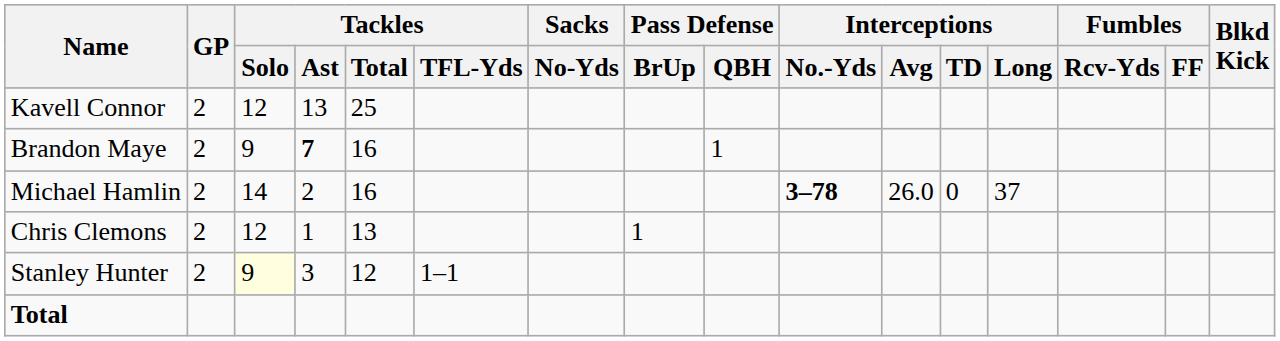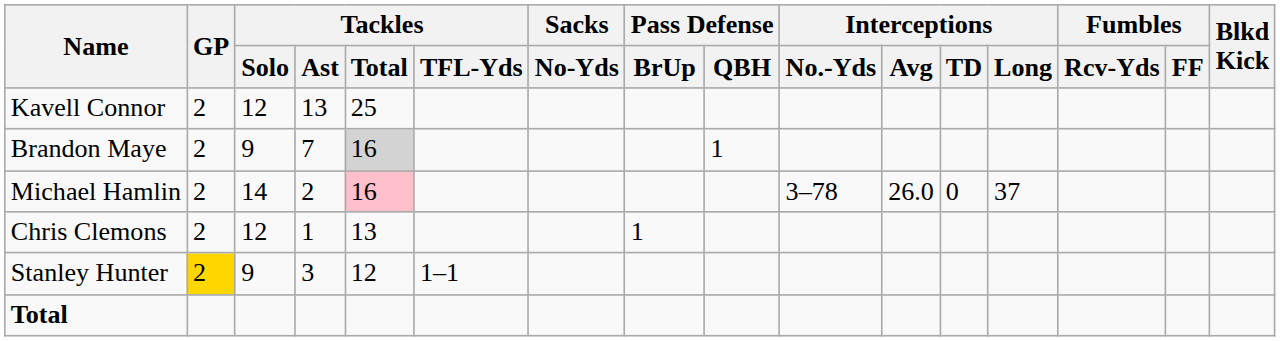 <table class="wikitable" style="white-space:nowrap;">
 <tr>
 <th rowspan="2">Name</th>
 <th rowspan="2">GP</th>
 <th colspan="4">Tackles</th>
 <th>Sacks</th>
 <th colspan="2">Pass Defense</th>
 <th colspan="4">Interceptions</th>
 <th colspan="2">Fumbles</th>
 <th rowspan="2">Blkd<br>Kick</th>
 </tr>
 <tr>
 <th>Solo</th>
 <th>Ast</th>
 <th>Total</th>
 <th>TFL-Yds</th>
 <th>No-Yds</th>
 <th>BrUp</th>
 <th>QBH</th>
 <th>No.-Yds</th>
 <th>Avg</th>
 <th>TD</th>
 <th>Long</th>
 <th>Rcv-Yds</th>
 <th>FF</th>
 </tr>
 <tr>
 <td>Kavell Connor</td>
 <td>2</td>
 <td>12</td>
 <td>13</td>
 <td>25</td>
 <td></td>
 <td></td>
 <td></td>
 <td></td>
 <td></td>
 <td></td>
 <td></td>
 <td></td>
 <td></td>
 <td></td>
 <td></td>
 </tr>
 <tr>
 <td>Brandon Maye</td>
 <td>2</td>
 <td>9</td>
-<td><strong>7</strong></td>
-<td>16</td>
+<td>7</td>
+<td style="background: lightgrey;">16</td>
 <td></td>
 <td></td>
 <td></td>
 <td>1</td>
 <td></td>
 <td></td>
 <td></td>
 <td></td>
 <td></td>
 <td></td>
 <td></td>
 </tr>
 <tr>
 <td>Michael Hamlin</td>
 <td>2</td>
 <td>14</td>
 <td>2</td>
-<td>16</td>
+<td style="background: pink;">16</td>
 <td></td>
 <td></td>
 <td></td>
 <td></td>
-<td><strong>3–78</strong></td>
+<td>3–78</td>
 <td>26.0</td>
 <td>0</td>
 <td>37</td>
 <td></td>
 <td></td>
 <td></td>
 </tr>
 <tr>
 <td>Chris Clemons</td>
 <td>2</td>
 <td>12</td>
 <td>1</td>
 <td>13</td>
 <td></td>
 <td></td>
 <td>1</td>
 <td></td>
 <td></td>
 <td></td>
 <td></td>
 <td></td>
 <td></td>
 <td></td>
 <td></td>
 </tr>
 <tr>
 <td>Stanley Hunter</td>
-<td>2</td>
-<td style="background: lightyellow;">9</td>
+<td style="background: gold;">2</td>
+<td>9</td>
 <td>3</td>
 <td>12</td>
 <td>1–1</td>
 <td></td>
 <td></td>
 <td></td>
 <td></td>
 <td></td>
 <td></td>
 <td></td>
 <td></td>
 <td></td>
 <td></td>
 </tr>
 <tr>
 <td><strong>Total</strong></td>
 <td></td>
 <td></td>
 <td></td>
 <td></td>
 <td></td>
 <td></td>
 <td></td>
 <td></td>
 <td></td>
 <td></td>
 <td></td>
 <td></td>
 <td></td>
 <td></td>
 <td></td>
 </tr>
 </table>
